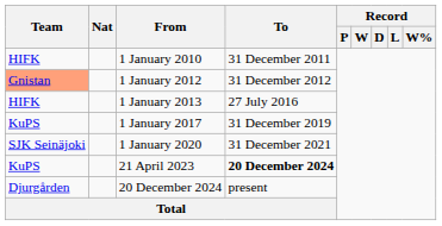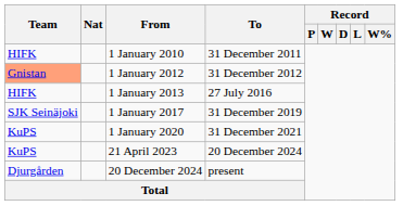 <table class="wikitable" style="text-align:center">
 <tr>
 <th rowspan="2">Team</th>
 <th rowspan="2">Nat</th>
 <th rowspan="2">From</th>
 <th rowspan="2">To</th>
 <th colspan="8">Record</th>
 </tr>
 <tr>
 <th>P</th>
 <th>W</th>
 <th>D</th>
 <th>L</th>
 <th>W%</th>
 </tr>
 <tr>
 <td align=left><a href='#'>HIFK</a></td>
 <td></td>
 <td align=left>1 January 2010</td>
 <td align=left>31 December 2011<br></td>
 </tr>
 <tr>
 <td align=left style="background: lightsalmon;"><a href='#'>Gnistan</a></td>
 <td></td>
 <td align=left>1 January 2012</td>
 <td align=left>31 December 2012<br></td>
 </tr>
 <tr>
 <td align=left><a href='#'>HIFK</a></td>
 <td></td>
 <td align=left>1 January 2013</td>
 <td align=left>27 July 2016<br></td>
 </tr>
 <tr>
-<td align=left><a href='#'>KuPS</a></td>
+<td align=left><a href='#'>SJK Seinäjoki</a></td>
 <td></td>
 <td align=left>1 January 2017</td>
 <td align=left>31 December 2019<br></td>
 </tr>
 <tr>
-<td align=left><a href='#'>SJK Seinäjoki</a></td>
+<td align=left><a href='#'>KuPS</a></td>
 <td></td>
 <td align=left>1 January 2020</td>
 <td align=left>31 December 2021<br></td>
 </tr>
 <tr>
 <td align=left><a href='#'>KuPS</a></td>
 <td></td>
 <td align=left>21 April 2023</td>
-<td align=left><strong>20 December 2024<br></strong></td>
+<td align=left>20 December 2024<br></td>
 </tr>
 <tr>
 <td align=left><a href='#'>Djurgården</a></td>
 <td></td>
 <td align=left>20 December 2024</td>
 <td align=left>present<br></td>
 </tr>
 <tr>
 <th colspan="4">Total<br></th>
 </tr>
 </table>
